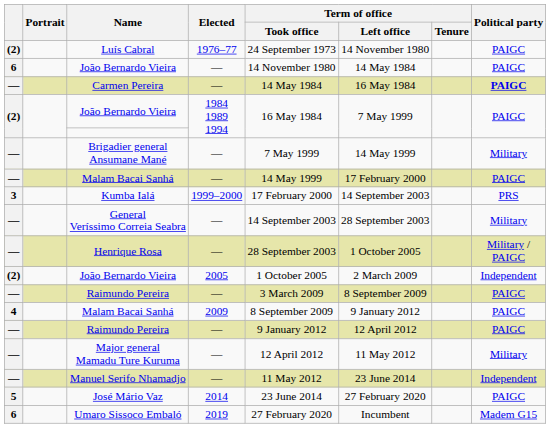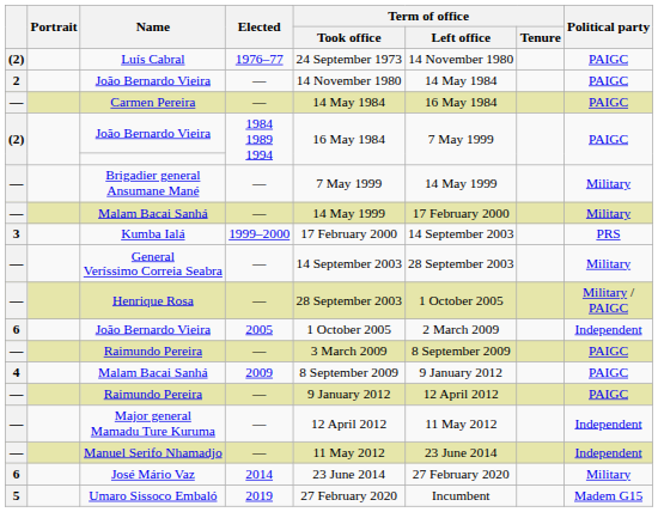 <table class="wikitable" style="text-align:center">
 <tr>
 <th rowspan="2"></th>
 <th rowspan="2">Portrait</th>
 <th rowspan="2">Name<br></th>
 <th rowspan="2">Elected</th>
 <th colspan="3">Term of office</th>
 <th rowspan="2">Political party</th>
 </tr>
 <tr>
 <th>Took office</th>
 <th>Left office</th>
 <th>Tenure</th>
 </tr>
 <tr>
 <th style="background-color:">(2)</th>
 <td></td>
 <td><a href='#'>Luís Cabral</a><br></td>
 <td><a href='#'>1976–77</a></td>
 <td>24 September 1973</td>
 <td>14 November 1980<br></td>
 <td></td>
 <td><a href='#'>PAIGC</a></td>
 </tr>
 <tr>
-<th style="background-color:">6</th>
+<th style="background-color:">2</th>
 <td></td>
 <td><a href='#'>João Bernardo Vieira</a><br></td>
 <td>—</td>
 <td>14 November 1980</td>
 <td>14 May 1984</td>
 <td></td>
 <td><a href='#'>PAIGC</a></td>
 </tr>
 <tr style="background:#e6e6aa;">
 <th style="background-color:">—</th>
 <td></td>
 <td><a href='#'>Carmen Pereira</a><br></td>
 <td>—</td>
 <td>14 May 1984</td>
 <td>16 May 1984</td>
 <td></td>
-<td><strong><a href='#'>PAIGC</a></strong></td>
+<td><a href='#'>PAIGC</a></td>
 </tr>
 <tr>
 <th rowspan="2" style="background-color:">(2)</th>
 <td rowspan="2"></td>
 <td><a href='#'>João Bernardo Vieira</a><br></td>
 <td rowspan="2"><a href='#'>1984</a><br><a href='#'>1989</a><br><a href='#'>1994</a></td>
 <td rowspan="2">16 May 1984</td>
 <td rowspan="2">7 May 1999<br></td>
 <td rowspan="2"></td>
 <td rowspan="2"><a href='#'>PAIGC</a></td>
 </tr>
 <tr>
 <td></td>
 </tr>
 <tr>
 <th style="background-color:">—</th>
 <td></td>
 <td><a href='#'>Brigadier general</a><br><a href='#'>Ansumane Mané</a><br></td>
 <td>—</td>
 <td>7 May 1999</td>
 <td>14 May 1999</td>
 <td></td>
 <td><a href='#'>Military</a></td>
 </tr>
 <tr style="background:#e6e6aa;">
 <th style="background-color:">—</th>
 <td></td>
 <td><a href='#'>Malam Bacai Sanhá</a><br></td>
 <td>—</td>
 <td>14 May 1999</td>
 <td>17 February 2000</td>
 <td></td>
-<td><a href='#'>PAIGC</a></td>
+<td><a href='#'>Military</a></td>
 </tr>
 <tr>
 <th style="background-color:">3</th>
 <td></td>
 <td><a href='#'>Kumba Ialá</a><br></td>
 <td><a href='#'>1999–2000</a></td>
 <td>17 February 2000</td>
 <td>14 September 2003<br></td>
 <td></td>
 <td><a href='#'>PRS</a></td>
 </tr>
 <tr>
 <th style="background-color:">—</th>
 <td></td>
 <td><a href='#'>General</a><br><a href='#'>Veríssimo Correia Seabra</a><br></td>
 <td>—</td>
 <td>14 September 2003</td>
 <td>28 September 2003</td>
 <td></td>
 <td><a href='#'>Military</a><br></td>
 </tr>
 <tr style="background:#e6e6aa;">
 <th style="background-color:">—</th>
 <td></td>
 <td><a href='#'>Henrique Rosa</a><br></td>
 <td>—</td>
 <td>28 September 2003</td>
 <td>1 October 2005</td>
 <td></td>
 <td><a href='#'>Military</a> / <br><a href='#'>PAIGC</a></td>
 </tr>
 <tr>
-<th style="background-color:">(2)</th>
+<th style="background-color:">6</th>
 <td></td>
 <td><a href='#'>João Bernardo Vieira</a><br></td>
 <td><a href='#'>2005</a></td>
 <td>1 October 2005</td>
 <td>2 March 2009<br></td>
 <td></td>
 <td><a href='#'>Independent</a></td>
 </tr>
 <tr style="background:#e6e6aa;">
 <th style="background-color:">—</th>
 <td></td>
 <td><a href='#'>Raimundo Pereira</a><br></td>
 <td>—</td>
 <td>3 March 2009</td>
 <td>8 September 2009</td>
 <td></td>
 <td><a href='#'>PAIGC</a></td>
 </tr>
 <tr>
 <th style="background-color:">4</th>
 <td></td>
 <td><a href='#'>Malam Bacai Sanhá</a><br></td>
 <td><a href='#'>2009</a></td>
 <td>8 September 2009</td>
 <td>9 January 2012</td>
 <td></td>
 <td><a href='#'>PAIGC</a></td>
 </tr>
 <tr style="background:#e6e6aa;">
 <th style="background-color:">—</th>
 <td></td>
 <td><a href='#'>Raimundo Pereira</a><br></td>
 <td>—</td>
 <td>9 January 2012</td>
 <td>12 April 2012<br></td>
 <td></td>
 <td><a href='#'>PAIGC</a></td>
 </tr>
 <tr>
 <th style="background-color:">—</th>
 <td></td>
 <td><a href='#'>Major general</a><br><a href='#'>Mamadu Ture Kuruma</a><br></td>
 <td>—</td>
 <td>12 April 2012</td>
 <td>11 May 2012</td>
 <td></td>
-<td><a href='#'>Military</a></td>
+<td><a href='#'>Independent</a></td>
 </tr>
 <tr style="background:#e6e6aa;">
 <th style="background-color:">—</th>
 <td></td>
 <td><a href='#'>Manuel Serifo Nhamadjo</a><br></td>
 <td>—</td>
 <td>11 May 2012</td>
 <td>23 June 2014</td>
 <td></td>
 <td><a href='#'>Independent</a></td>
 </tr>
 <tr>
-<th style="background-color:">5</th>
+<th style="background-color:">6</th>
 <td></td>
 <td><a href='#'>José Mário Vaz</a><br></td>
 <td><a href='#'>2014</a></td>
 <td>23 June 2014</td>
 <td>27 February 2020</td>
 <td></td>
-<td><a href='#'>PAIGC</a></td>
+<td><a href='#'>Military</a></td>
 </tr>
 <tr>
-<th style="background-color:">6</th>
+<th style="background-color:">5</th>
 <td></td>
 <td><a href='#'>Umaro Sissoco Embaló</a><br></td>
 <td><a href='#'>2019</a></td>
 <td>27 February 2020</td>
 <td>Incumbent</td>
 <td></td>
 <td><a href='#'>Madem G15</a></td>
 </tr>
 </table>
